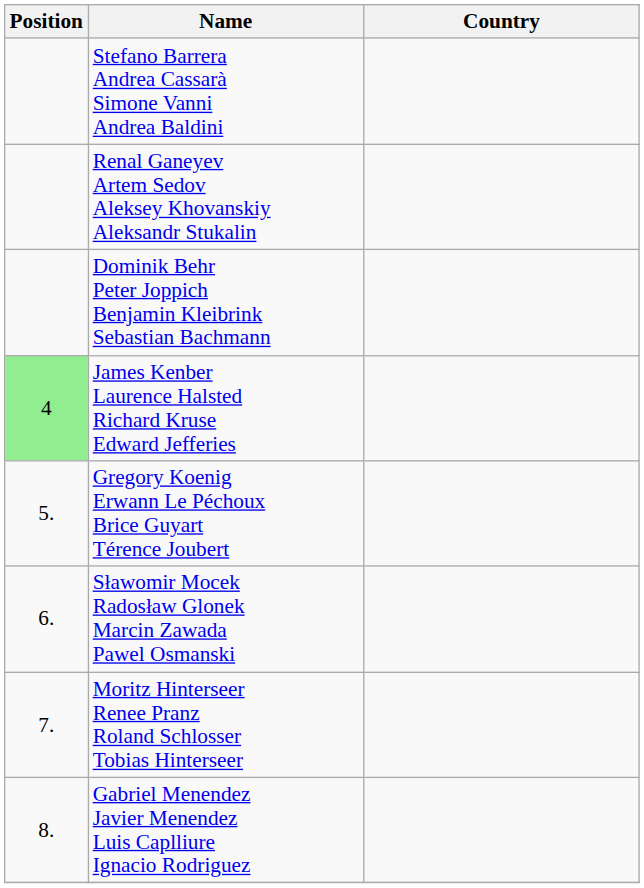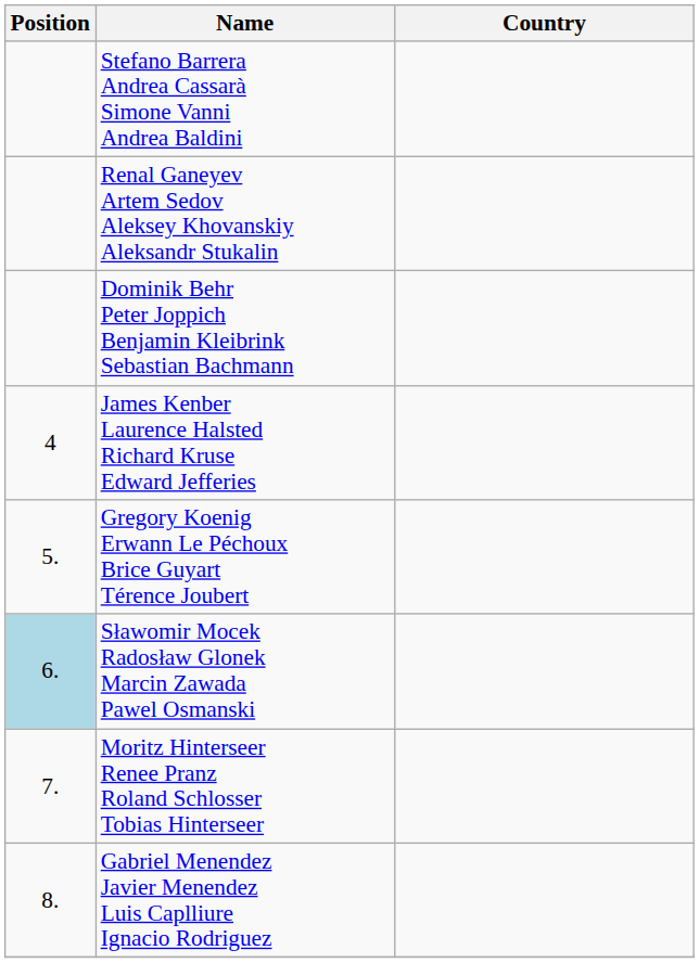 <table class="wikitable">
 <tr>
 <th width="20">Position</th>
 <th width="200">Name</th>
 <th width="200">Country</th>
 </tr>
 <tr>
 <td align="center"></td>
 <td><a href='#'>Stefano Barrera</a><br><a href='#'>Andrea Cassarà</a><br><a href='#'>Simone Vanni</a><br><a href='#'>Andrea Baldini</a></td>
 <td></td>
 </tr>
 <tr>
 <td align="center"></td>
 <td><a href='#'>Renal Ganeyev</a><br><a href='#'>Artem Sedov</a><br><a href='#'>Aleksey Khovanskiy</a><br><a href='#'>Aleksandr Stukalin</a></td>
 <td></td>
 </tr>
 <tr>
 <td align="center"></td>
 <td><a href='#'>Dominik Behr</a><br><a href='#'>Peter Joppich</a><br><a href='#'>Benjamin Kleibrink</a><br><a href='#'>Sebastian Bachmann</a></td>
 <td></td>
 </tr>
 <tr>
-<td align="center" style="background: lightgreen;">4</td>
+<td align="center">4</td>
 <td><a href='#'>James Kenber</a><br><a href='#'>Laurence Halsted</a><br><a href='#'>Richard Kruse</a><br><a href='#'>Edward Jefferies</a></td>
 <td></td>
 </tr>
 <tr>
 <td align="center">5.</td>
 <td><a href='#'>Gregory Koenig</a><br><a href='#'>Erwann Le Péchoux</a><br><a href='#'>Brice Guyart</a><br><a href='#'>Térence Joubert</a></td>
 <td></td>
 </tr>
 <tr>
-<td align="center">6.</td>
+<td align="center" style="background: lightblue;">6.</td>
 <td><a href='#'>Sławomir Mocek</a><br><a href='#'>Radosław Glonek</a><br><a href='#'>Marcin Zawada</a><br><a href='#'>Pawel Osmanski</a></td>
 <td></td>
 </tr>
 <tr>
 <td align="center">7.</td>
 <td><a href='#'>Moritz Hinterseer</a><br><a href='#'>Renee Pranz</a><br><a href='#'>Roland Schlosser</a><br><a href='#'>Tobias Hinterseer</a></td>
 <td></td>
 </tr>
 <tr>
 <td align="center">8.</td>
 <td><a href='#'>Gabriel Menendez</a><br><a href='#'>Javier Menendez</a><br><a href='#'>Luis Caplliure</a><br><a href='#'>Ignacio Rodriguez</a></td>
 <td></td>
 </tr>
 <tr>
 </tr>
 </table>
